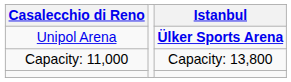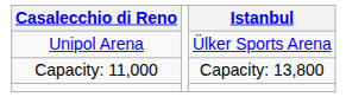 <table class="wikitable" style="margin:1em auto; text-align:center;">
 <tr>
 <th><a href='#'>Casalecchio di Reno</a></th>
 <td rowspan=4></td>
 <th><a href='#'>Istanbul</a></th>
 </tr>
 <tr>
 <td><a href='#'>Unipol Arena</a></td>
-<td><strong><a href='#'>Ülker Sports Arena</a></strong></td>
+<td><a href='#'>Ülker Sports Arena</a></td>
 </tr>
 <tr>
 <td>Capacity: 11,000</td>
 <td>Capacity: 13,800</td>
 </tr>
 <tr>
 <td></td>
 <td></td>
 </tr>
 </table>
